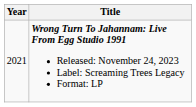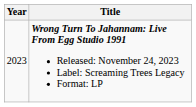 <table class="wikitable">
 <tr>
 <th>Year</th>
 <th width="250">Title</th>
 </tr>
 <tr>
-<td>2021</td>
+<td>2023</td>
 <td><strong><em>Wrong Turn To Jahannam: Live From Egg Studio 1991</em></strong><br><ul><li>Released: November 24, 2023</li><li>Label: Screaming Trees Legacy</li><li>Format: LP</li></ul></td>
 </tr>
 </table>
